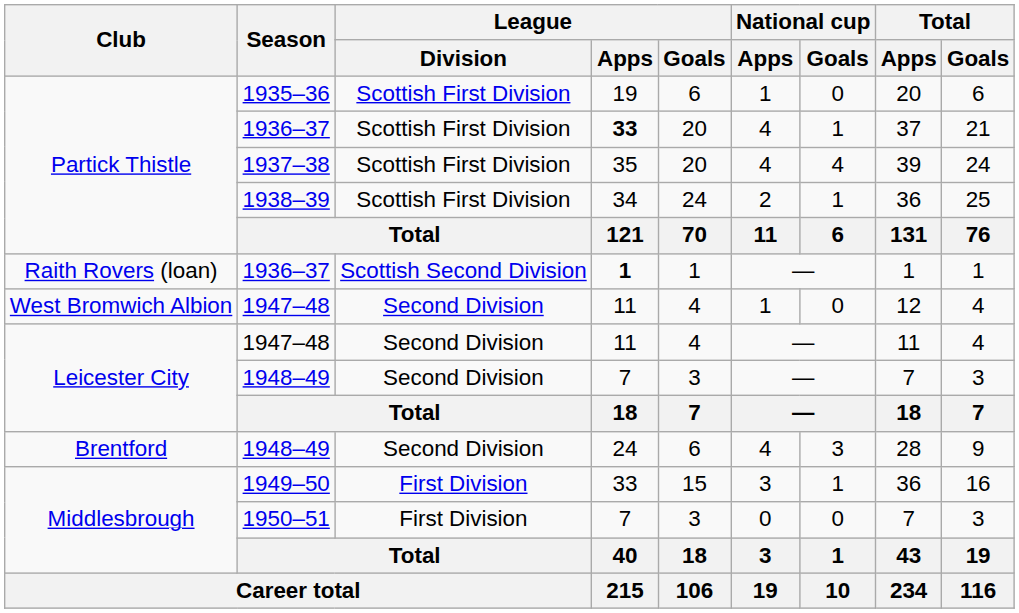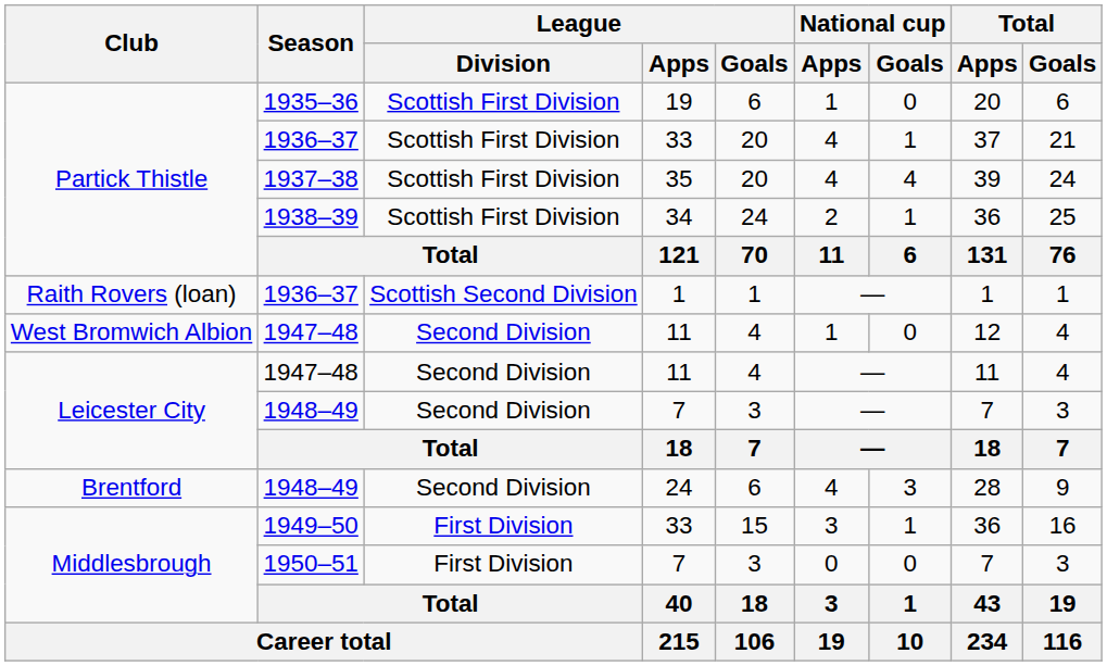 <table class="wikitable" style="text-align: center">
 <tr>
 <th rowspan="2">Club</th>
 <th rowspan="2">Season</th>
 <th colspan="3">League</th>
 <th colspan="2">National cup</th>
 <th colspan="2">Total</th>
 </tr>
 <tr>
 <th>Division</th>
 <th>Apps</th>
 <th>Goals</th>
 <th>Apps</th>
 <th>Goals</th>
 <th>Apps</th>
 <th>Goals</th>
 </tr>
 <tr>
 <td rowspan="5"><a href='#'>Partick Thistle</a></td>
 <td><a href='#'>1935–36</a></td>
 <td><a href='#'>Scottish First Division</a></td>
 <td>19</td>
 <td>6</td>
 <td>1</td>
 <td>0</td>
 <td>20</td>
 <td>6</td>
 </tr>
 <tr>
 <td><a href='#'>1936–37</a></td>
 <td>Scottish First Division</td>
-<td><strong>33</strong></td>
+<td>33</td>
 <td>20</td>
 <td>4</td>
 <td>1</td>
 <td>37</td>
 <td>21</td>
 </tr>
 <tr>
 <td><a href='#'>1937–38</a></td>
 <td>Scottish First Division</td>
 <td>35</td>
 <td>20</td>
 <td>4</td>
 <td>4</td>
 <td>39</td>
 <td>24</td>
 </tr>
 <tr>
 <td><a href='#'>1938–39</a></td>
 <td>Scottish First Division</td>
 <td>34</td>
 <td>24</td>
 <td>2</td>
 <td>1</td>
 <td>36</td>
 <td>25</td>
 </tr>
 <tr>
 <th colspan="2">Total</th>
 <th>121</th>
 <th>70</th>
 <th>11</th>
 <th>6</th>
 <th>131</th>
 <th>76</th>
 </tr>
 <tr>
 <td><a href='#'>Raith Rovers</a> (loan)</td>
 <td><a href='#'>1936–37</a></td>
 <td><a href='#'>Scottish Second Division</a></td>
-<td><strong>1</strong></td>
+<td>1</td>
 <td>1</td>
 <td colspan="2">—</td>
 <td>1</td>
 <td>1</td>
 </tr>
 <tr>
 <td><a href='#'>West Bromwich Albion</a></td>
 <td><a href='#'>1947–48</a></td>
 <td><a href='#'>Second Division</a></td>
 <td>11</td>
 <td>4</td>
 <td>1</td>
 <td>0</td>
 <td>12</td>
 <td>4</td>
 </tr>
 <tr>
 <td rowspan="3"><a href='#'>Leicester City</a></td>
 <td>1947–48</td>
 <td>Second Division</td>
 <td>11</td>
 <td>4</td>
 <td colspan="2">—</td>
 <td>11</td>
 <td>4</td>
 </tr>
 <tr>
 <td><a href='#'>1948–49</a></td>
 <td>Second Division</td>
 <td>7</td>
 <td>3</td>
 <td colspan="2">—</td>
 <td>7</td>
 <td>3</td>
 </tr>
 <tr>
 <th colspan="2">Total</th>
 <th>18</th>
 <th>7</th>
 <th colspan="2">—</th>
 <th>18</th>
 <th>7</th>
 </tr>
 <tr>
 <td><a href='#'>Brentford</a></td>
 <td><a href='#'>1948–49</a></td>
 <td>Second Division</td>
 <td>24</td>
 <td>6</td>
 <td>4</td>
 <td>3</td>
 <td>28</td>
 <td>9</td>
 </tr>
 <tr>
 <td rowspan="3"><a href='#'>Middlesbrough</a></td>
 <td><a href='#'>1949–50</a></td>
 <td><a href='#'>First Division</a></td>
 <td>33</td>
 <td>15</td>
 <td>3</td>
 <td>1</td>
 <td>36</td>
 <td>16</td>
 </tr>
 <tr>
 <td><a href='#'>1950–51</a></td>
 <td>First Division</td>
 <td>7</td>
 <td>3</td>
 <td>0</td>
 <td>0</td>
 <td>7</td>
 <td>3</td>
 </tr>
 <tr>
 <th colspan="2">Total</th>
 <th>40</th>
 <th>18</th>
 <th>3</th>
 <th>1</th>
 <th>43</th>
 <th>19</th>
 </tr>
 <tr>
 <th colspan="3">Career total</th>
 <th>215</th>
 <th>106</th>
 <th>19</th>
 <th>10</th>
 <th>234</th>
 <th>116</th>
 </tr>
 </table>
